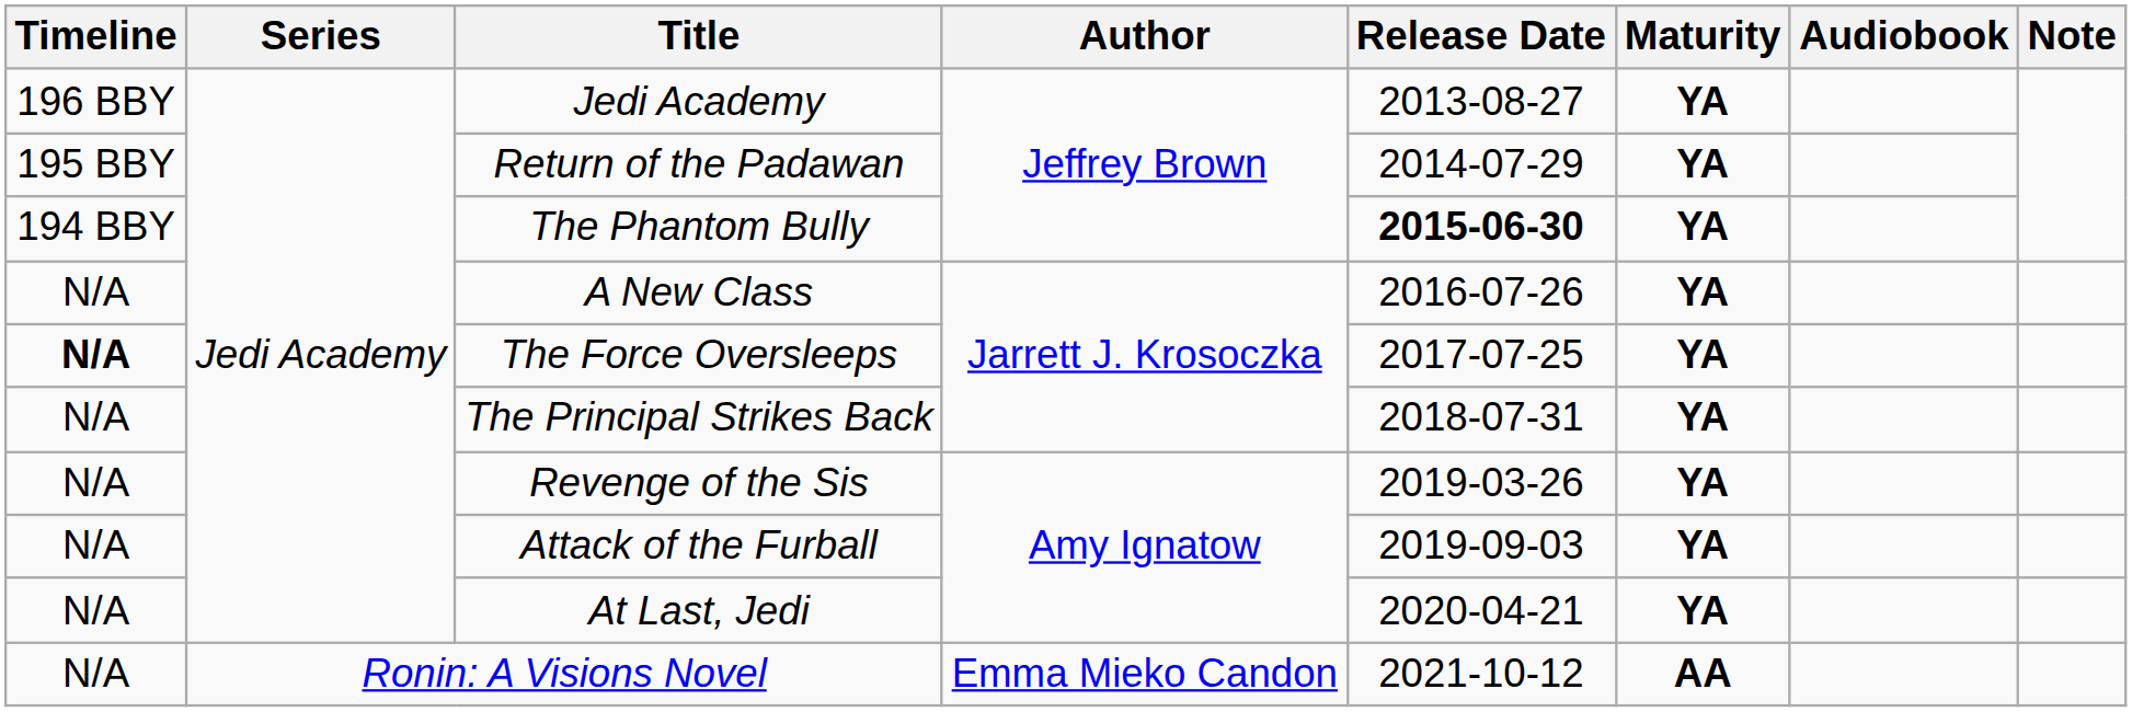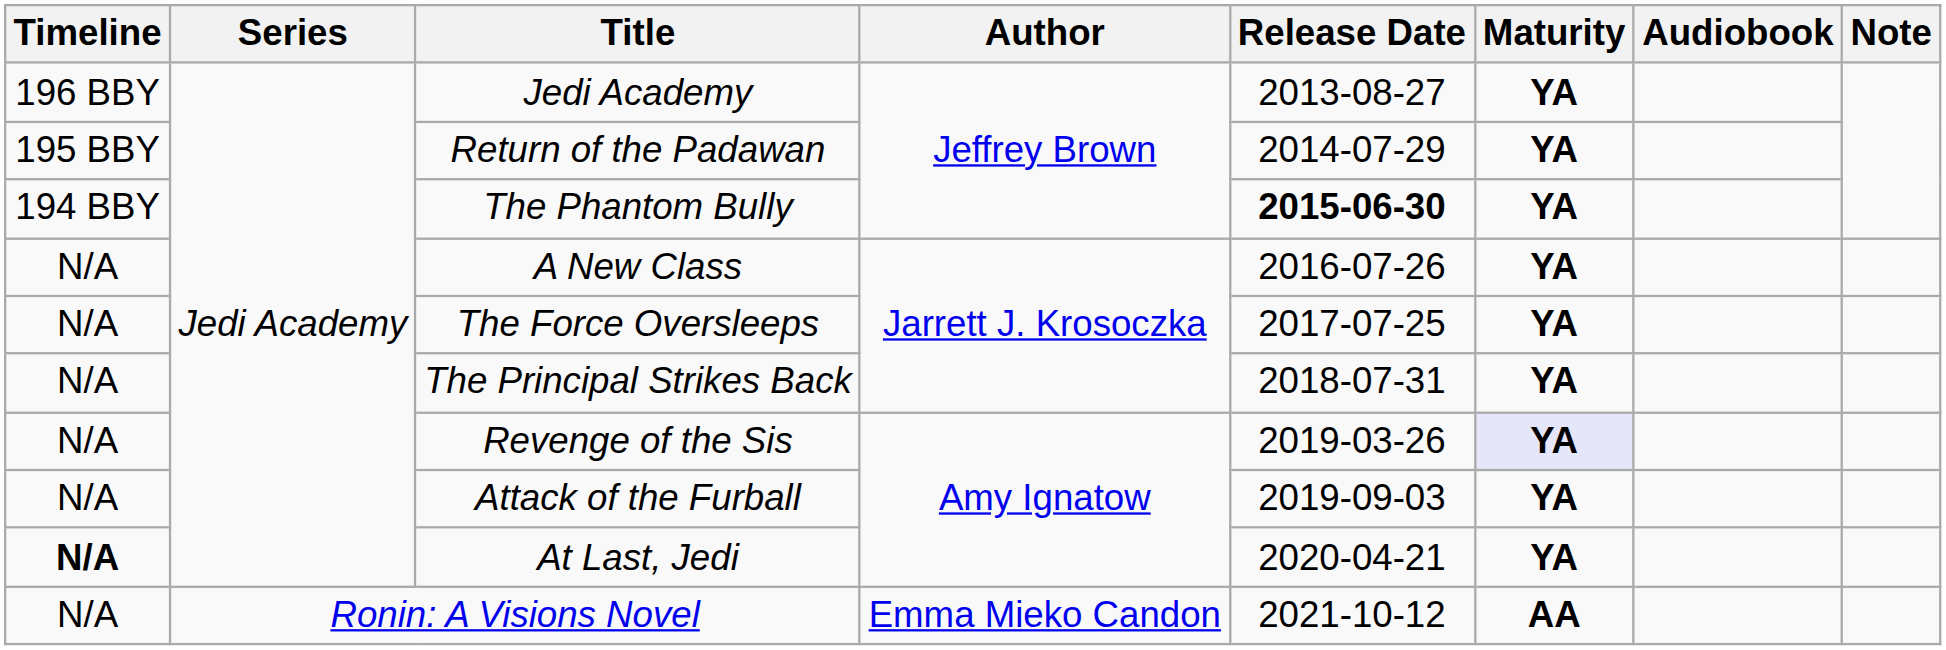 <table class="wikitable sortable" style="text-align: center">
 <tr>
 <th>Timeline</th>
 <th>Series</th>
 <th>Title</th>
 <th>Author</th>
 <th>Release Date</th>
 <th>Maturity</th>
 <th>Audio­book</th>
 <th>Note</th>
 </tr>
 <tr>
 <td data-sort-value="-196">196 BBY</td>
 <td rowspan="9"><em>Jedi Academy</em></td>
 <td><em>Jedi Academy</em></td>
 <td rowspan="3"><a href='#'>Jeffrey Brown</a></td>
 <td>2013-08-27</td>
 <td><strong>YA</strong></td>
 <td></td>
 <td rowspan="3"></td>
 </tr>
 <tr>
 <td data-sort-value="-195">195 BBY</td>
 <td><em>Return of the Padawan</em></td>
 <td>2014-07-29</td>
 <td><strong>YA</strong></td>
 <td></td>
 </tr>
 <tr>
 <td data-sort-value="-194">194 BBY</td>
 <td><em>The Phantom Bully</em></td>
 <td><strong>2015-06-30</strong></td>
 <td><strong>YA</strong></td>
 <td></td>
 </tr>
 <tr>
 <td>N/A</td>
 <td><em>A New Class</em></td>
 <td rowspan="3"><a href='#'>Jarrett J. Krosoczka</a></td>
 <td>2016-07-26</td>
 <td><strong>YA</strong></td>
 <td></td>
 <td></td>
 </tr>
 <tr>
-<td><strong>N/A</strong></td>
+<td>N/A</td>
 <td><em>The Force Oversleeps</em></td>
 <td>2017-07-25</td>
 <td><strong>YA</strong></td>
 <td></td>
 <td></td>
 </tr>
 <tr>
 <td>N/A</td>
 <td><em>The Principal Strikes Back</em></td>
 <td>2018-07-31</td>
 <td><strong>YA</strong></td>
 <td></td>
 <td></td>
 </tr>
 <tr>
 <td>N/A</td>
 <td><em>Revenge of the Sis</em></td>
 <td rowspan="3"><a href='#'>Amy Ignatow</a></td>
 <td>2019-03-26</td>
-<td><strong>YA</strong></td>
+<td style="background: lavender;"><strong>YA</strong></td>
 <td></td>
 <td></td>
 </tr>
 <tr>
 <td>N/A</td>
 <td><em>Attack of the Furball</em></td>
 <td>2019-09-03</td>
 <td><strong>YA</strong></td>
 <td></td>
 <td></td>
 </tr>
 <tr>
-<td>N/A</td>
+<td><strong>N/A</strong></td>
 <td><em>At Last, Jedi</em></td>
 <td>2020-04-21</td>
 <td><strong>YA</strong></td>
 <td></td>
 <td></td>
 </tr>
 <tr>
 <td>N/A</td>
 <td colspan="2"><em><a href='#'>Ronin: A Visions Novel</a></em></td>
 <td><a href='#'>Emma Mieko Candon</a></td>
 <td>2021-10-12</td>
 <td><strong>AA</strong></td>
 <td></td>
 <td></td>
 </tr>
 </table>
